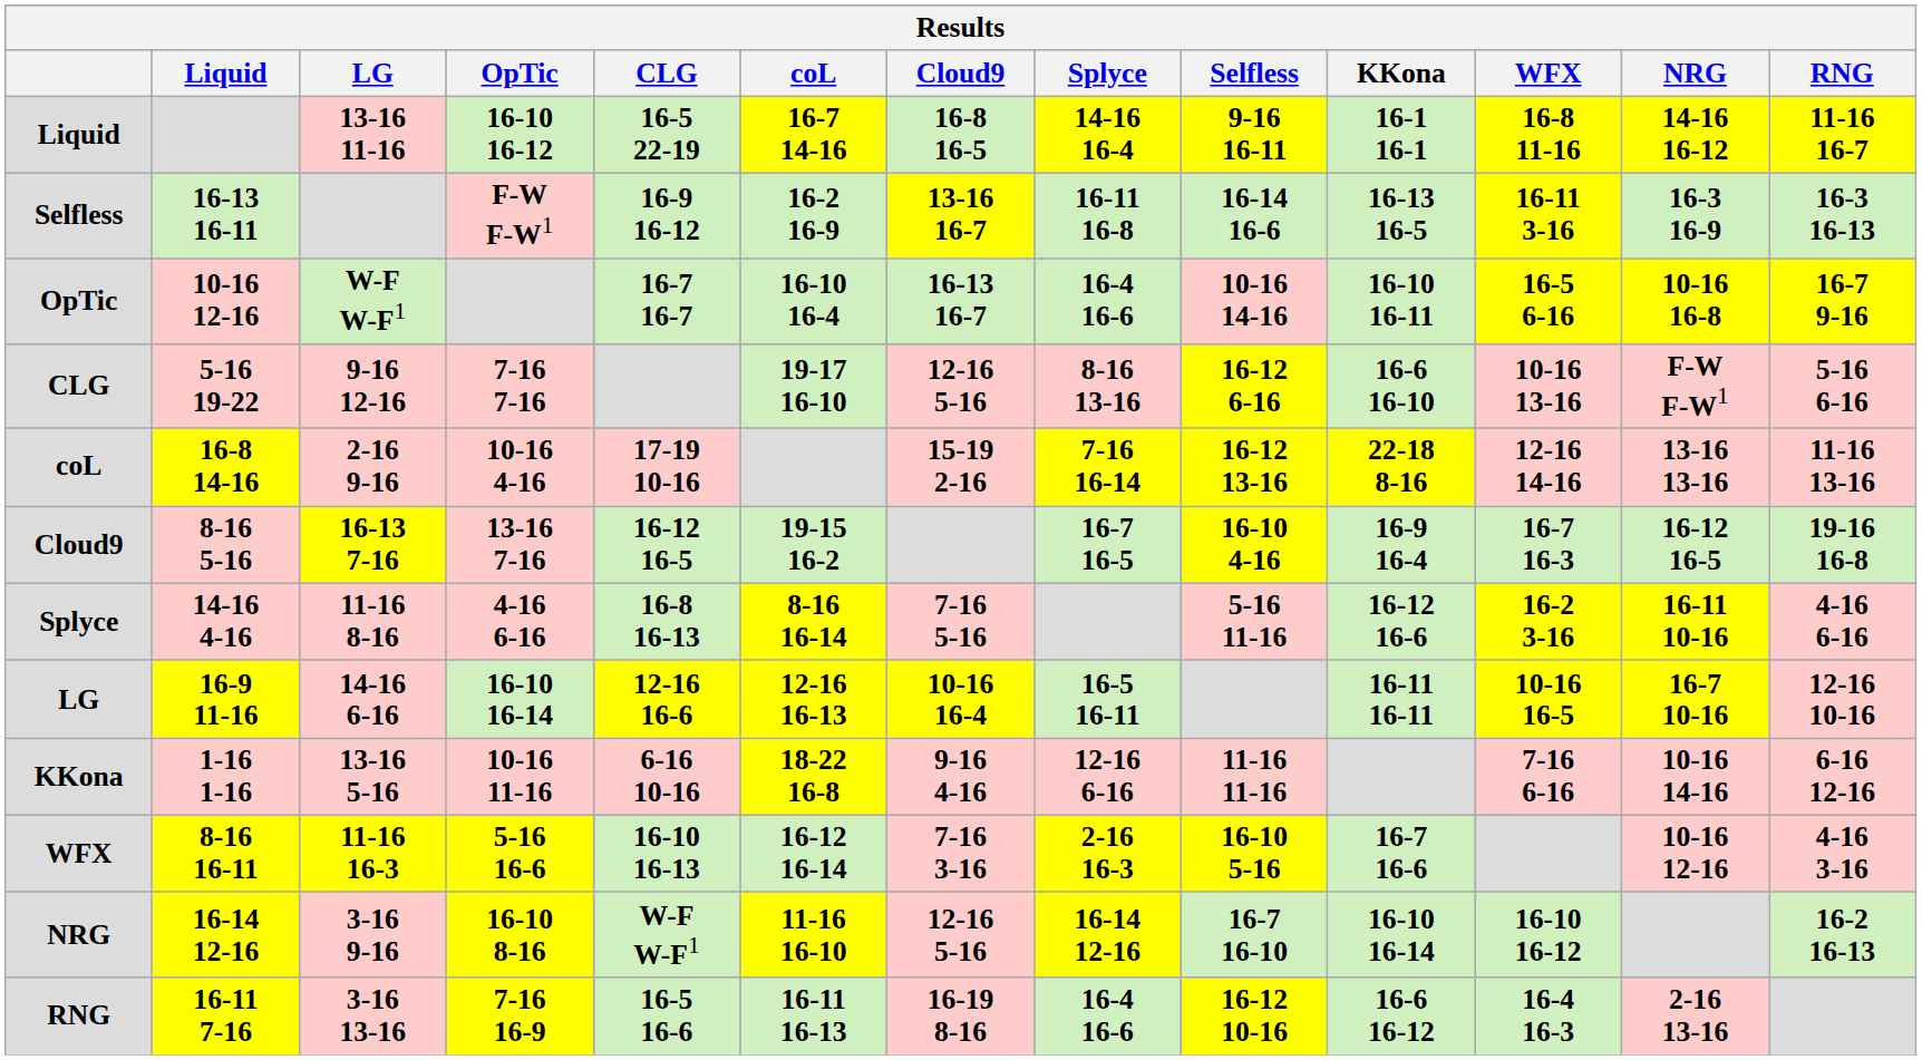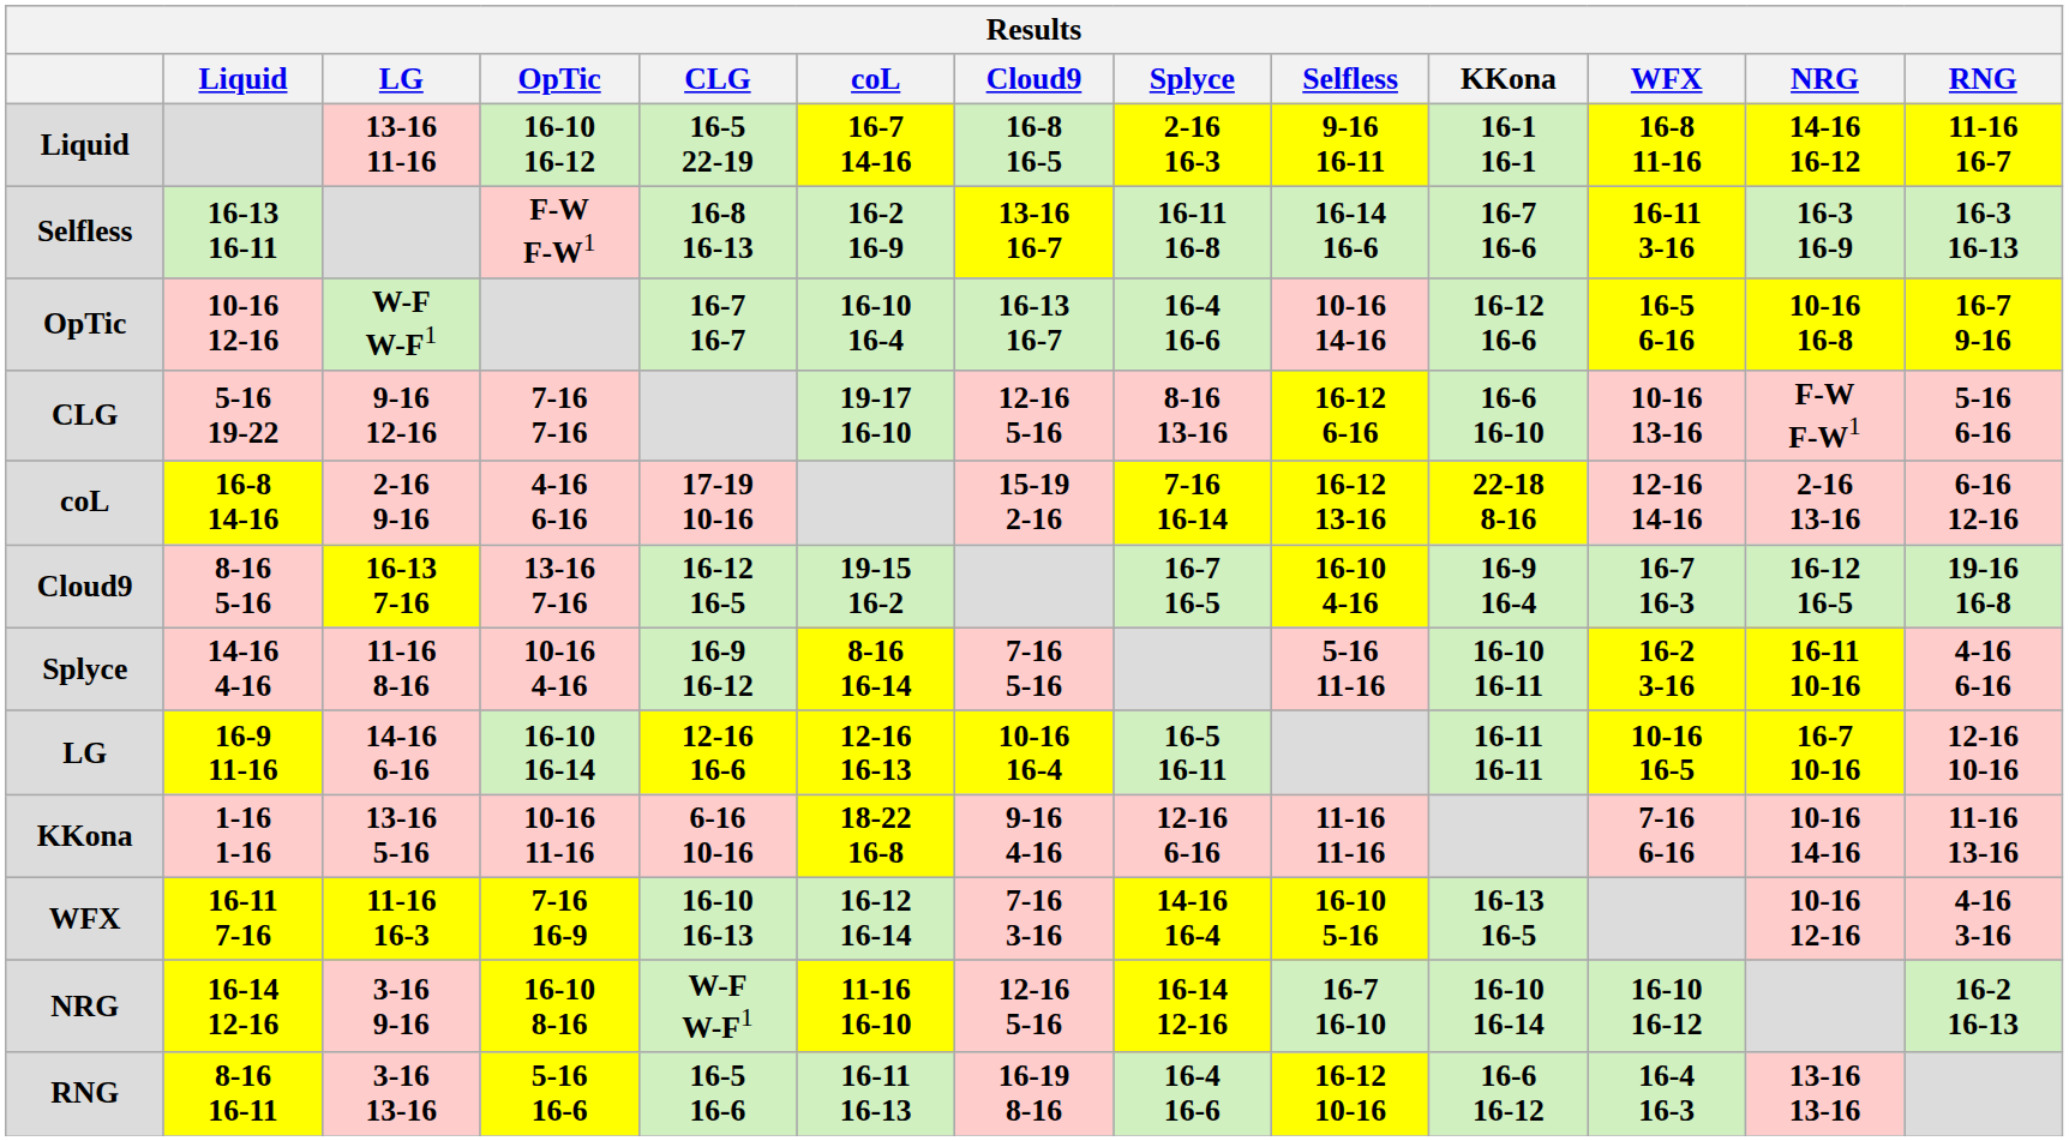 <table class="wikitable" style="text-align: center;">
 <tr>
 <th colspan=15>Results</th>
 </tr>
 <tr>
 <th width="75px"></th>
 <th width="75px"><a href='#'>Liquid</a></th>
 <th width="75px"><a href='#'>LG</a></th>
 <th width="75px"><a href='#'>OpTic</a></th>
 <th width="75px"><a href='#'>CLG</a></th>
 <th width="75px"><a href='#'>coL</a></th>
 <th width="75px"><a href='#'>Cloud9</a></th>
 <th width="75px"><a href='#'>Splyce</a></th>
 <th width="75px"><a href='#'>Selfless</a></th>
 <th width="75px">KKona</th>
 <th width="75px"><a href='#'>WFX</a></th>
 <th width="75px"><a href='#'>NRG</a></th>
 <th width="75px"><a href='#'>RNG</a></th>
 </tr>
 <tr>
 <td style="background: #DCDCDC;"><strong>Liquid</strong></td>
 <td style="background: #DCDCDC;"></td>
 <td style="background: #FFCCCC;"><strong>13-16<br>11-16</strong></td>
 <td style="background: #D0F0C0;"><strong>16-10<br>16-12</strong></td>
 <td style="background: #D0F0C0;"><strong>16-5<br>22-19</strong></td>
 <td style="background: #FFFF00;"><strong>16-7<br>14-16</strong></td>
 <td style="background: #D0F0C0;"><strong>16-8<br>16-5</strong></td>
-<td style="background: #FFFF00;"><strong>14-16<br>16-4</strong></td>
+<td style="background: #FFFF00;"><strong>2-16<br>16-3</strong></td>
 <td style="background: #FFFF00;"><strong>9-16<br>16-11</strong></td>
 <td style="background: #D0F0C0;"><strong>16-1<br>16-1</strong></td>
 <td style="background: #FFFF00;"><strong>16-8<br>11-16</strong></td>
 <td style="background: #FFFF00;"><strong>14-16<br>16-12</strong></td>
 <td style="background: #FFFF00;"><strong>11-16<br>16-7</strong></td>
 </tr>
 <tr>
 <td style="background: #DCDCDC;"><strong>Selfless</strong></td>
 <td style="background: #D0F0C0;"><strong>16-13<br>16-11</strong></td>
 <td style="background: #DCDCDC;"></td>
 <td style="background: #FFCCCC;"><strong>F-W<br>F-W</strong><sup>1</sup></td>
-<td style="background: #D0F0C0;"><strong>16-9<br>16-12</strong></td>
+<td style="background: #D0F0C0;"><strong>16-8<br>16-13</strong></td>
 <td style="background: #D0F0C0;"><strong>16-2<br>16-9</strong></td>
 <td style="background: #FFFF00;"><strong>13-16<br>16-7</strong></td>
 <td style="background: #D0F0C0;"><strong>16-11<br>16-8</strong></td>
 <td style="background: #D0F0C0;"><strong>16-14<br>16-6</strong></td>
-<td style="background: #D0F0C0;"><strong>16-13<br>16-5</strong></td>
+<td style="background: #D0F0C0;"><strong>16-7<br>16-6</strong></td>
 <td style="background: #FFFF00;"><strong>16-11<br>3-16</strong></td>
 <td style="background: #D0F0C0;"><strong>16-3<br>16-9</strong></td>
 <td style="background: #D0F0C0;"><strong>16-3<br>16-13</strong></td>
 </tr>
 <tr>
 <td style="background: #DCDCDC;"><strong>OpTic</strong></td>
 <td style="background: #FFCCCC;"><strong>10-16<br>12-16</strong></td>
 <td style="background: #D0F0C0;"><strong>W-F<br>W-F</strong><sup>1</sup></td>
 <td style="background: #DCDCDC;"></td>
 <td style="background: #D0F0C0;"><strong>16-7<br>16-7</strong></td>
 <td style="background: #D0F0C0;"><strong>16-10<br>16-4</strong></td>
 <td style="background: #D0F0C0;"><strong>16-13<br>16-7</strong></td>
 <td style="background: #D0F0C0;"><strong>16-4<br>16-6</strong></td>
 <td style="background: #FFCCCC;"><strong>10-16<br>14-16</strong></td>
-<td style="background: #D0F0C0;"><strong>16-10<br>16-11</strong></td>
+<td style="background: #D0F0C0;"><strong>16-12<br>16-6</strong></td>
 <td style="background: #FFFF00;"><strong>16-5<br>6-16</strong></td>
 <td style="background: #FFFF00;"><strong>10-16<br>16-8</strong></td>
 <td style="background: #FFFF00;"><strong>16-7<br>9-16</strong></td>
 </tr>
 <tr>
 <td style="background: #DCDCDC;"><strong>CLG</strong></td>
 <td style="background: #FFCCCC;"><strong>5-16<br>19-22</strong></td>
 <td style="background: #FFCCCC;"><strong>9-16<br>12-16</strong></td>
 <td style="background: #FFCCCC;"><strong>7-16<br>7-16</strong></td>
 <td style="background: #DCDCDC;"></td>
 <td style="background: #D0F0C0;"><strong>19-17<br>16-10</strong></td>
 <td style="background: #FFCCCC;"><strong>12-16<br>5-16</strong></td>
 <td style="background: #FFCCCC;"><strong>8-16<br>13-16</strong></td>
 <td style="background: #FFFF00;"><strong>16-12<br>6-16</strong></td>
 <td style="background: #D0F0C0;"><strong>16-6<br>16-10</strong></td>
 <td style="background: #FFCCCC;"><strong>10-16<br>13-16</strong></td>
 <td style="background: #FFCCCC;"><strong>F-W<br>F-W</strong><sup>1</sup></td>
 <td style="background: #FFCCCC;"><strong>5-16<br>6-16</strong></td>
 </tr>
 <tr>
 <td style="background: #DCDCDC;"><strong>coL</strong></td>
 <td style="background: #FFFF00;"><strong>16-8<br>14-16</strong></td>
 <td style="background: #FFCCCC;"><strong>2-16<br>9-16</strong></td>
-<td style="background: #FFCCCC;"><strong>10-16<br>4-16</strong></td>
+<td style="background: #FFCCCC;"><strong>4-16<br>6-16</strong></td>
 <td style="background: #FFCCCC;"><strong>17-19<br>10-16</strong></td>
 <td style="background: #DCDCDC;"></td>
 <td style="background: #FFCCCC;"><strong>15-19<br>2-16</strong></td>
 <td style="background: #FFFF00;"><strong>7-16<br>16-14</strong></td>
 <td style="background: #FFFF00;"><strong>16-12<br>13-16</strong></td>
 <td style="background: #FFFF00;"><strong>22-18<br>8-16</strong></td>
 <td style="background: #FFCCCC;"><strong>12-16<br>14-16</strong></td>
-<td style="background: #FFCCCC;"><strong>13-16<br>13-16</strong></td>
-<td style="background: #FFCCCC;"><strong>11-16<br>13-16</strong></td>
+<td style="background: #FFCCCC;"><strong>2-16<br>13-16</strong></td>
+<td style="background: #FFCCCC;"><strong>6-16<br>12-16</strong></td>
 </tr>
 <tr>
 <td style="background: #DCDCDC;"><strong>Cloud9</strong></td>
 <td style="background: #FFCCCC;"><strong>8-16<br>5-16</strong></td>
 <td style="background: #FFFF00;"><strong>16-13<br>7-16</strong></td>
 <td style="background: #FFCCCC;"><strong>13-16<br>7-16</strong></td>
 <td style="background: #D0F0C0;"><strong>16-12<br>16-5</strong></td>
 <td style="background: #D0F0C0;"><strong>19-15<br>16-2</strong></td>
 <td style="background: #DCDCDC;"></td>
 <td style="background: #D0F0C0;"><strong>16-7<br>16-5</strong></td>
 <td style="background: #FFFF00;"><strong>16-10<br>4-16</strong></td>
 <td style="background: #D0F0C0;"><strong>16-9<br>16-4</strong></td>
 <td style="background: #D0F0C0;"><strong>16-7<br>16-3</strong></td>
 <td style="background: #D0F0C0;"><strong>16-12<br>16-5</strong></td>
 <td style="background: #D0F0C0;"><strong>19-16<br>16-8</strong></td>
 </tr>
 <tr>
 <td style="background: #DCDCDC;"><strong>Splyce</strong></td>
 <td style="background: #FFCCCC;"><strong>14-16<br>4-16</strong></td>
 <td style="background: #FFCCCC;"><strong>11-16<br>8-16</strong></td>
-<td style="background: #FFCCCC;"><strong>4-16<br>6-16</strong></td>
-<td style="background: #D0F0C0;"><strong>16-8<br>16-13</strong></td>
+<td style="background: #FFCCCC;"><strong>10-16<br>4-16</strong></td>
+<td style="background: #D0F0C0;"><strong>16-9<br>16-12</strong></td>
 <td style="background: #FFFF00;"><strong>8-16<br>16-14</strong></td>
 <td style="background: #FFCCCC;"><strong>7-16<br>5-16</strong></td>
 <td style="background: #DCDCDC;"></td>
 <td style="background: #FFCCCC;"><strong>5-16<br>11-16</strong></td>
-<td style="background: #D0F0C0;"><strong>16-12<br>16-6</strong></td>
+<td style="background: #D0F0C0;"><strong>16-10<br>16-11</strong></td>
 <td style="background: #FFFF00;"><strong>16-2<br>3-16</strong></td>
 <td style="background: #FFFF00;"><strong>16-11<br>10-16</strong></td>
 <td style="background: #FFCCCC;"><strong>4-16<br>6-16</strong></td>
 </tr>
 <tr>
 <td style="background: #DCDCDC;"><strong>LG</strong></td>
 <td style="background: #FFFF00;"><strong>16-9<br>11-16</strong></td>
 <td style="background: #FFCCCC;"><strong>14-16<br>6-16</strong></td>
 <td style="background: #D0F0C0;"><strong>16-10<br>16-14</strong></td>
 <td style="background: #FFFF00;"><strong>12-16<br>16-6</strong></td>
 <td style="background: #FFFF00;"><strong>12-16<br>16-13</strong></td>
 <td style="background: #FFFF00;"><strong>10-16<br>16-4</strong></td>
 <td style="background: #D0F0C0;"><strong>16-5<br>16-11</strong></td>
 <td style="background: #DCDCDC;"></td>
 <td style="background: #D0F0C0;"><strong>16-11<br>16-11</strong></td>
 <td style="background: #FFFF00;"><strong>10-16<br>16-5</strong></td>
 <td style="background: #FFFF00;"><strong>16-7<br>10-16</strong></td>
 <td style="background: #FFCCCC;"><strong>12-16<br>10-16</strong></td>
 </tr>
 <tr>
 <td style="background: #DCDCDC;"><strong>KKona</strong></td>
 <td style="background: #FFCCCC;"><strong>1-16<br>1-16</strong></td>
 <td style="background: #FFCCCC;"><strong>13-16<br>5-16</strong></td>
 <td style="background: #FFCCCC;"><strong>10-16<br>11-16</strong></td>
 <td style="background: #FFCCCC;"><strong>6-16<br>10-16</strong></td>
 <td style="background: #FFFF00;"><strong>18-22<br>16-8</strong></td>
 <td style="background: #FFCCCC;"><strong>9-16<br>4-16</strong></td>
 <td style="background: #FFCCCC;"><strong>12-16<br>6-16</strong></td>
 <td style="background: #FFCCCC;"><strong>11-16<br>11-16</strong></td>
 <td style="background: #DCDCDC;"></td>
 <td style="background: #FFCCCC;"><strong>7-16<br>6-16</strong></td>
 <td style="background: #FFCCCC;"><strong>10-16<br>14-16</strong></td>
-<td style="background: #FFCCCC;"><strong>6-16<br>12-16</strong></td>
+<td style="background: #FFCCCC;"><strong>11-16<br>13-16</strong></td>
 </tr>
 <tr>
 <td style="background: #DCDCDC;"><strong>WFX</strong></td>
-<td style="background: #FFFF00;"><strong>8-16<br>16-11</strong></td>
+<td style="background: #FFFF00;"><strong>16-11<br>7-16</strong></td>
 <td style="background: #FFFF00;"><strong>11-16<br>16-3</strong></td>
-<td style="background: #FFFF00;"><strong>5-16<br>16-6</strong></td>
+<td style="background: #FFFF00;"><strong>7-16<br>16-9</strong></td>
 <td style="background: #D0F0C0;"><strong>16-10<br>16-13</strong></td>
 <td style="background: #D0F0C0;"><strong>16-12<br>16-14</strong></td>
 <td style="background: #FFCCCC;"><strong>7-16<br>3-16</strong></td>
-<td style="background: #FFFF00;"><strong>2-16<br>16-3</strong></td>
+<td style="background: #FFFF00;"><strong>14-16<br>16-4</strong></td>
 <td style="background: #FFFF00;"><strong>16-10<br>5-16</strong></td>
-<td style="background: #D0F0C0;"><strong>16-7<br>16-6</strong></td>
+<td style="background: #D0F0C0;"><strong>16-13<br>16-5</strong></td>
 <td style="background: #DCDCDC;"></td>
 <td style="background: #FFCCCC;"><strong>10-16<br>12-16</strong></td>
 <td style="background: #FFCCCC;"><strong>4-16<br>3-16</strong></td>
 </tr>
 <tr>
 <td style="background: #DCDCDC;"><strong>NRG</strong></td>
 <td style="background: #FFFF00;"><strong>16-14<br>12-16</strong></td>
 <td style="background: #FFCCCC;"><strong>3-16<br>9-16</strong></td>
 <td style="background: #FFFF00;"><strong>16-10<br>8-16</strong></td>
 <td style="background: #D0F0C0;"><strong>W-F<br>W-F</strong><sup>1</sup></td>
 <td style="background: #FFFF00;"><strong>11-16<br>16-10</strong></td>
 <td style="background: #FFCCCC;"><strong>12-16<br>5-16</strong></td>
 <td style="background: #FFFF00;"><strong>16-14<br>12-16</strong></td>
 <td style="background: #D0F0C0;"><strong>16-7<br>16-10</strong></td>
 <td style="background: #D0F0C0;"><strong>16-10<br>16-14</strong></td>
 <td style="background: #D0F0C0;"><strong>16-10<br>16-12</strong></td>
 <td style="background: #DCDCDC;"></td>
 <td style="background: #D0F0C0;"><strong>16-2<br>16-13</strong></td>
 </tr>
 <tr>
 <td style="background: #DCDCDC;"><strong>RNG</strong></td>
-<td style="background: #FFFF00;"><strong>16-11<br>7-16</strong></td>
+<td style="background: #FFFF00;"><strong>8-16<br>16-11</strong></td>
 <td style="background: #FFCCCC;"><strong>3-16<br>13-16</strong></td>
-<td style="background: #FFFF00;"><strong>7-16<br>16-9</strong></td>
+<td style="background: #FFFF00;"><strong>5-16<br>16-6</strong></td>
 <td style="background: #D0F0C0;"><strong>16-5<br>16-6</strong></td>
 <td style="background: #D0F0C0;"><strong>16-11<br>16-13</strong></td>
 <td style="background: #FFCCCC;"><strong>16-19<br>8-16</strong></td>
 <td style="background: #D0F0C0;"><strong>16-4<br>16-6</strong></td>
 <td style="background: #FFFF00;"><strong>16-12<br>10-16</strong></td>
 <td style="background: #D0F0C0;"><strong>16-6<br>16-12</strong></td>
 <td style="background: #D0F0C0;"><strong>16-4<br>16-3</strong></td>
-<td style="background: #FFCCCC;"><strong>2-16<br>13-16</strong></td>
+<td style="background: #FFCCCC;"><strong>13-16<br>13-16</strong></td>
 <td style="background: #DCDCDC;"></td>
 </tr>
 </table>
